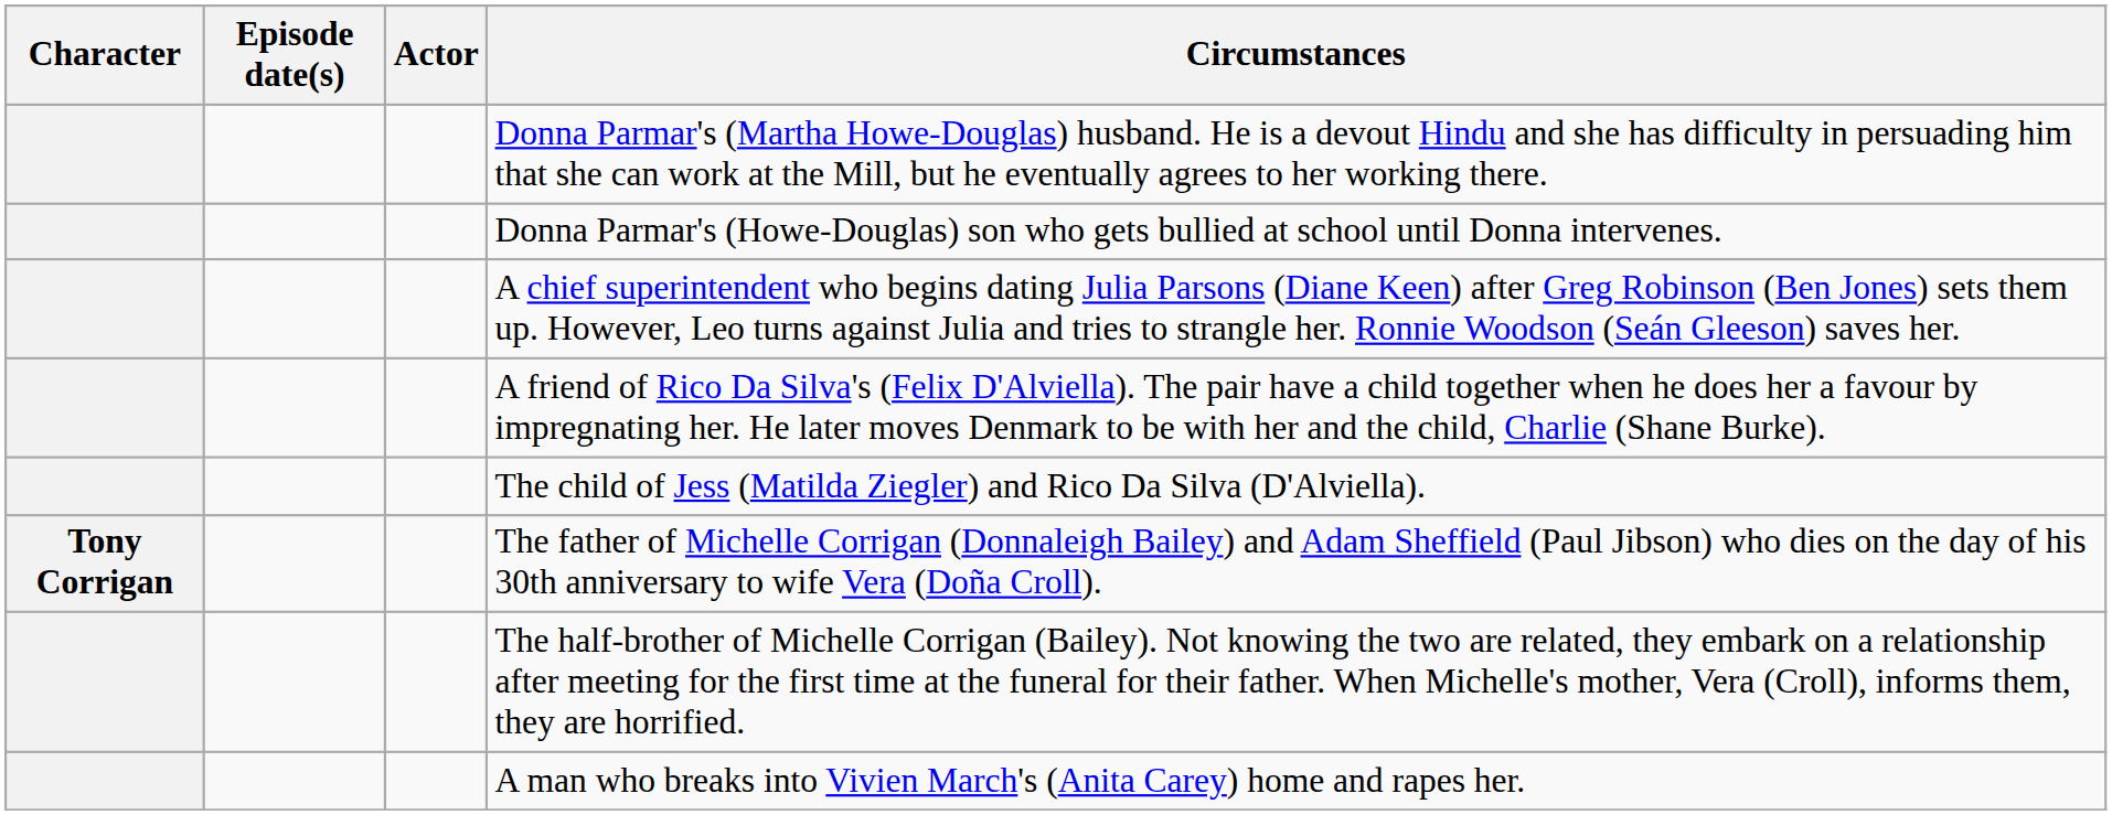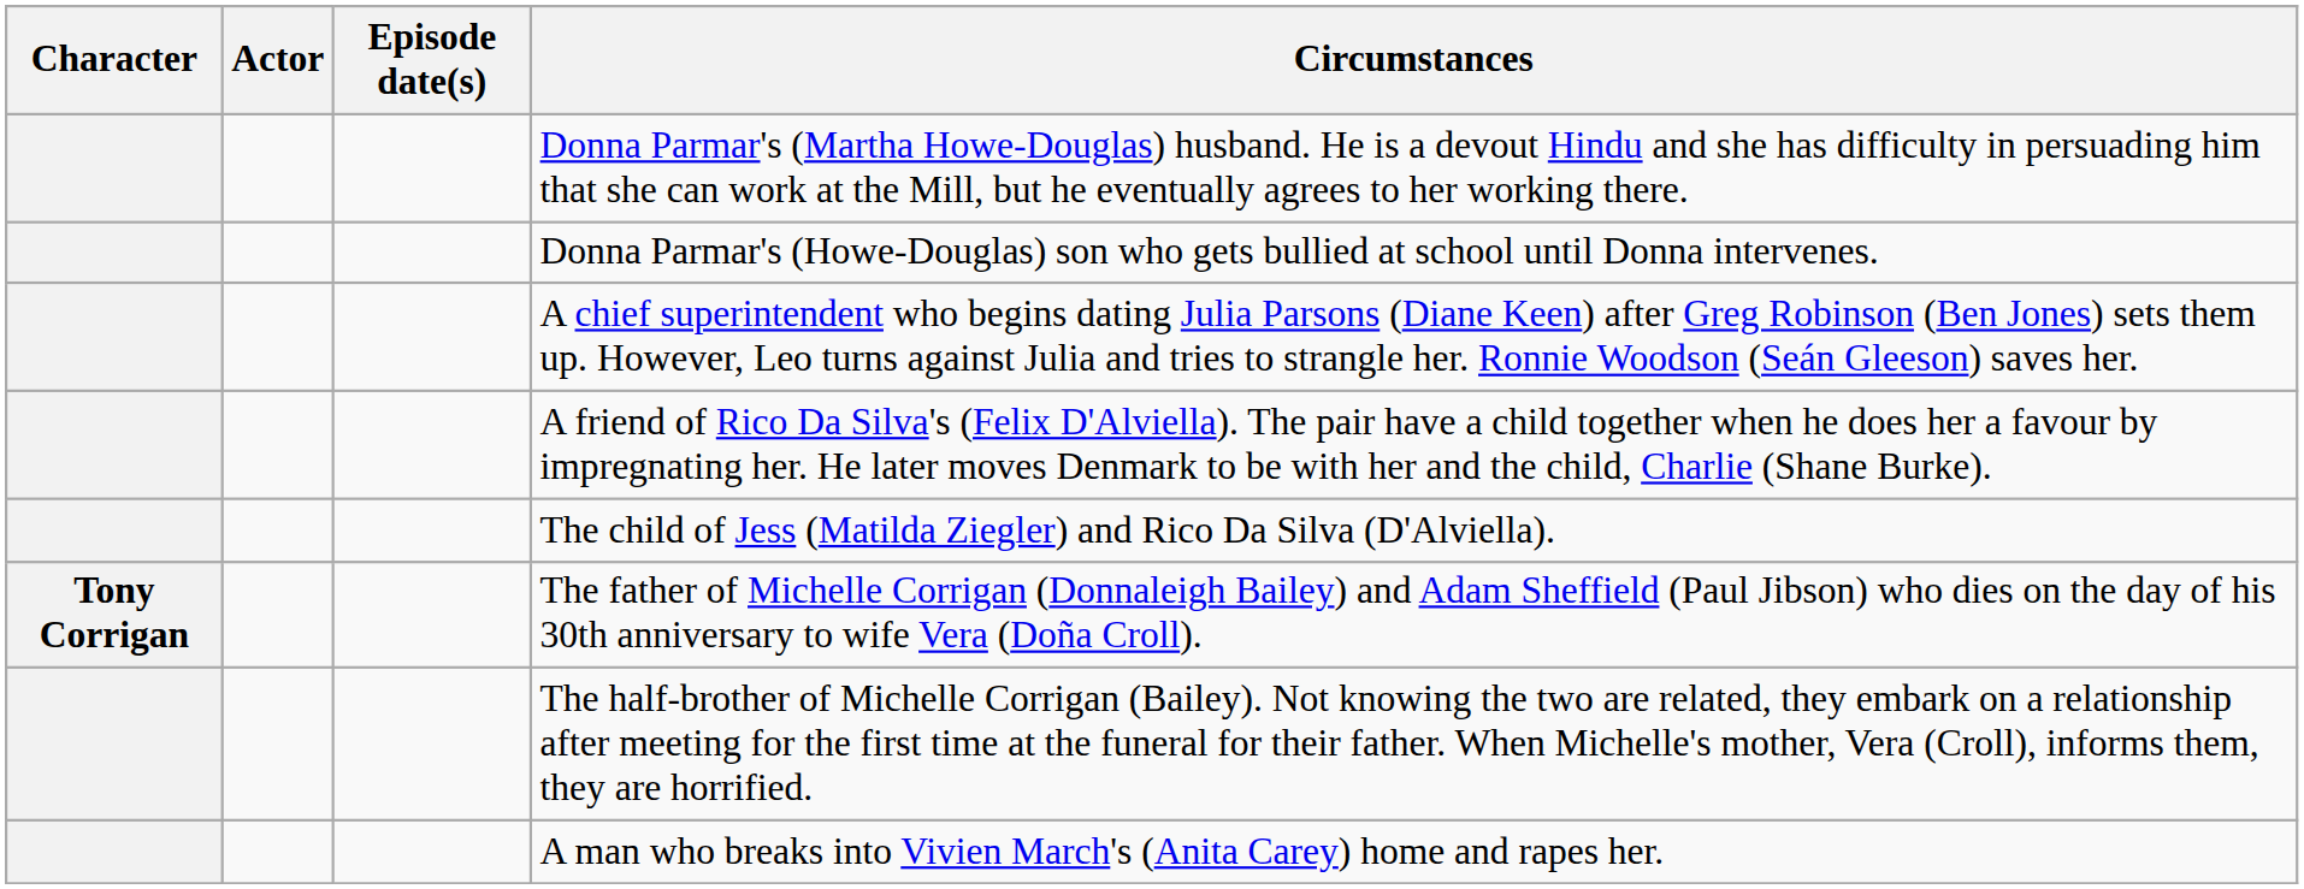 <table class="wikitable plainrowheaders" style="font-size:90%">
 <tr>
 <th scope="col">Character</th>
+<th scope="col">Actor</th>
 <th scope="col">Episode date(s)</th>
-<th scope="col">Actor</th>
 <th scope="col">Circumstances</th>
 </tr>
 <tr>
 <th scope="row"> </th>
 <td></td>
 <td></td>
 <td><a href='#'>Donna Parmar</a>'s (<a href='#'>Martha Howe-Douglas</a>) husband. He is a devout <a href='#'>Hindu</a> and she has difficulty in persuading him that she can work at the Mill, but he eventually agrees to her working there.</td>
 </tr>
 <tr>
 <th scope="row"> </th>
 <td></td>
 <td></td>
 <td>Donna Parmar's (Howe-Douglas) son who gets bullied at school until Donna intervenes.</td>
 </tr>
 <tr>
 <th scope="row"> </th>
 <td></td>
 <td></td>
 <td>A <a href='#'>chief superintendent</a> who begins dating <a href='#'>Julia Parsons</a> (<a href='#'>Diane Keen</a>) after <a href='#'>Greg Robinson</a> (<a href='#'>Ben Jones</a>) sets them up. However, Leo turns against Julia and tries to strangle her. <a href='#'>Ronnie Woodson</a> (<a href='#'>Seán Gleeson</a>) saves her.</td>
 </tr>
 <tr>
 <th scope="row"> </th>
 <td></td>
 <td></td>
 <td>A friend of <a href='#'>Rico Da Silva</a>'s (<a href='#'>Felix D'Alviella</a>). The pair have a child together when he does her a favour by impregnating her. He later moves Denmark to be with her and the child, <a href='#'>Charlie</a> (Shane Burke).</td>
 </tr>
 <tr>
 <th scope="row"> </th>
 <td></td>
 <td></td>
 <td>The child of <a href='#'>Jess</a> (<a href='#'>Matilda Ziegler</a>) and Rico Da Silva (D'Alviella).</td>
 </tr>
 <tr>
 <th scope="row">Tony Corrigan </th>
 <td></td>
 <td></td>
 <td>The father of <a href='#'>Michelle Corrigan</a> (<a href='#'>Donnaleigh Bailey</a>) and <a href='#'>Adam Sheffield</a> (Paul Jibson) who dies on the day of his 30th anniversary to wife <a href='#'>Vera</a> (<a href='#'>Doña Croll</a>).</td>
 </tr>
 <tr>
 <th scope="row"> </th>
+<td></td>
 <td><br></td>
-<td></td>
 <td>The half-brother of Michelle Corrigan (Bailey). Not knowing the two are related, they embark on a relationship after meeting for the first time at the funeral for their father. When Michelle's mother, Vera (Croll), informs them, they are horrified.</td>
 </tr>
 <tr>
 <th scope="row"> </th>
 <td></td>
 <td></td>
 <td>A man who breaks into <a href='#'>Vivien March</a>'s (<a href='#'>Anita Carey</a>) home and rapes her.</td>
 </tr>
 </table>
